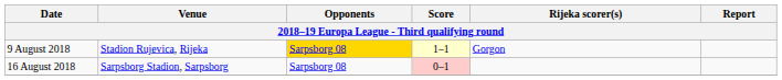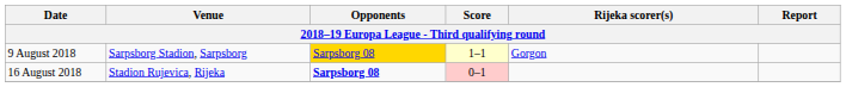 <table class="wikitable" style="font-size:95%;">
 <tr>
 <th width=125>Date</th>
 <th width=260>Venue</th>
 <th width=170>Opponents</th>
 <th width= 75>Score</th>
 <th width=320>Rijeka scorer(s)</th>
 <th width=100>Report</th>
 </tr>
 <tr>
 <th colspan=7><a href='#'>2018–19 Europa League - Third qualifying round</a></th>
 </tr>
 <tr>
 <td>9 August 2018</td>
-<td><a href='#'>Stadion Rujevica</a>, <a href='#'>Rijeka</a></td>
+<td><a href='#'>Sarpsborg Stadion</a>, <a href='#'>Sarpsborg</a></td>
 <td style="background: gold;"> <a href='#'>Sarpsborg 08</a></td>
 <td align=center bgcolor=#FFFFCC>1–1</td>
 <td><a href='#'>Gorgon</a></td>
 <td></td>
 </tr>
 <tr>
 <td>16 August 2018</td>
-<td><a href='#'>Sarpsborg Stadion</a>, <a href='#'>Sarpsborg</a></td>
-<td> <a href='#'>Sarpsborg 08</a></td>
+<td><a href='#'>Stadion Rujevica</a>, <a href='#'>Rijeka</a></td>
+<td><strong> <a href='#'>Sarpsborg 08</a></strong></td>
 <td align=center bgcolor=#FFCCCC>0–1</td>
 <td></td>
 <td></td>
 </tr>
 <tr>
 </tr>
 </table>
